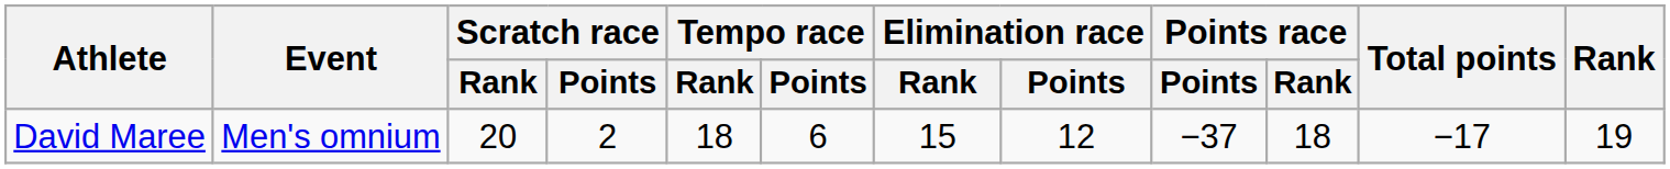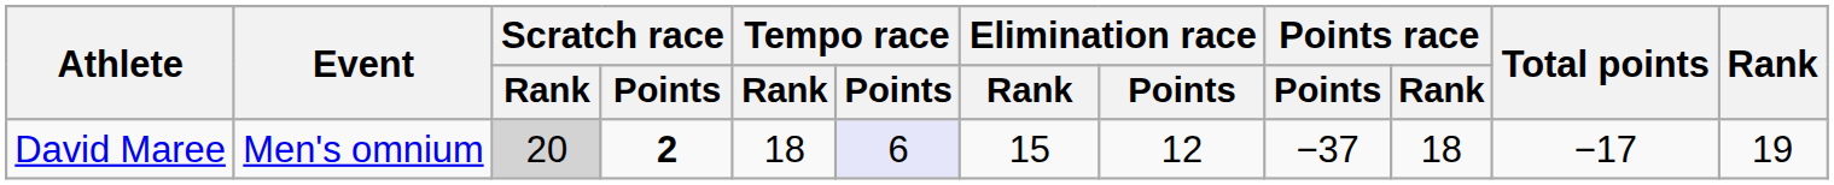 <table class="wikitable" style="font-size:90%">
 <tr>
 <th rowspan="2">Athlete</th>
 <th rowspan="2">Event</th>
 <th colspan=2>Scratch race</th>
 <th colspan="2">Tempo race</th>
 <th colspan=2>Elimination race</th>
 <th colspan=2>Points race</th>
 <th rowspan=2>Total points</th>
 <th rowspan=2>Rank</th>
 </tr>
 <tr style="font-size:95%">
 <th>Rank</th>
 <th>Points</th>
 <th>Rank</th>
 <th>Points</th>
 <th>Rank</th>
 <th>Points</th>
 <th>Points</th>
 <th>Rank</th>
 </tr>
 <tr align=center>
 <td align=left><a href='#'>David Maree</a></td>
 <td align=left><a href='#'>Men's omnium</a></td>
-<td>20</td>
-<td>2</td>
+<td style="background: lightgrey;">20</td>
+<td><strong>2</strong></td>
 <td>18</td>
-<td>6</td>
+<td style="background: lavender;">6</td>
 <td>15</td>
 <td>12</td>
 <td>−37</td>
 <td>18</td>
 <td>−17</td>
 <td>19</td>
 </tr>
 </table>
